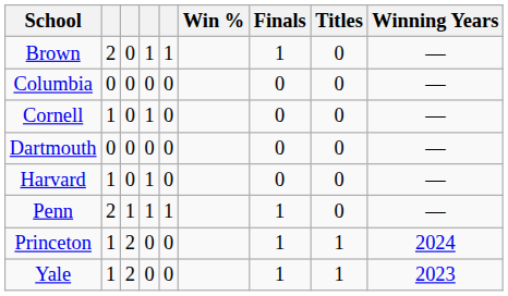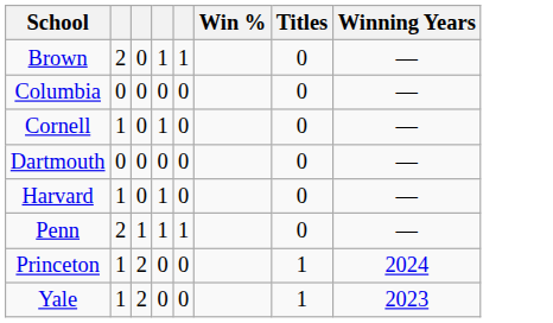 <table class="wikitable sortable" style="text-align:center">
 <tr>
 <th width=px>School</th>
 <th width=px></th>
 <th width=px></th>
 <th width=px></th>
 <th width=px></th>
 <th width=px>Win %</th>
-<th width=px>Finals</th>
 <th width=px>Titles</th>
 <th width=px>Winning Years</th>
 </tr>
 <tr>
 <td><a href='#'>Brown</a></td>
 <td>2</td>
 <td>0</td>
 <td>1</td>
 <td>1</td>
 <td></td>
-<td>1</td>
 <td>0</td>
 <td>—</td>
 </tr>
 <tr>
 <td><a href='#'>Columbia</a></td>
 <td>0</td>
 <td>0</td>
 <td>0</td>
 <td>0</td>
 <td></td>
 <td>0</td>
-<td>0</td>
 <td>—</td>
 </tr>
 <tr>
 <td><a href='#'>Cornell</a></td>
 <td>1</td>
 <td>0</td>
 <td>1</td>
 <td>0</td>
 <td></td>
-<td>0</td>
 <td>0</td>
 <td>—</td>
 </tr>
 <tr>
 <td><a href='#'>Dartmouth</a></td>
 <td>0</td>
 <td>0</td>
 <td>0</td>
 <td>0</td>
 <td></td>
 <td>0</td>
-<td>0</td>
 <td>—</td>
 </tr>
 <tr>
 <td><a href='#'>Harvard</a></td>
 <td>1</td>
 <td>0</td>
 <td>1</td>
 <td>0</td>
 <td></td>
 <td>0</td>
-<td>0</td>
 <td>—</td>
 </tr>
 <tr>
 <td><a href='#'>Penn</a></td>
 <td>2</td>
 <td>1</td>
 <td>1</td>
 <td>1</td>
 <td></td>
-<td>1</td>
 <td>0</td>
 <td>—</td>
 </tr>
 <tr>
 <td><a href='#'>Princeton</a></td>
 <td>1</td>
 <td>2</td>
 <td>0</td>
 <td>0</td>
 <td></td>
 <td>1</td>
-<td>1</td>
 <td><a href='#'>2024</a></td>
 </tr>
 <tr>
 <td><a href='#'>Yale</a></td>
 <td>1</td>
 <td>2</td>
 <td>0</td>
 <td>0</td>
 <td></td>
 <td>1</td>
-<td>1</td>
 <td><a href='#'>2023</a></td>
 </tr>
 </table>
